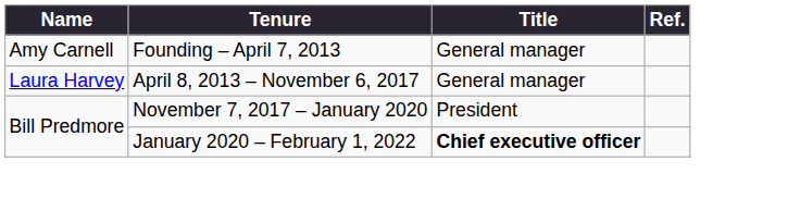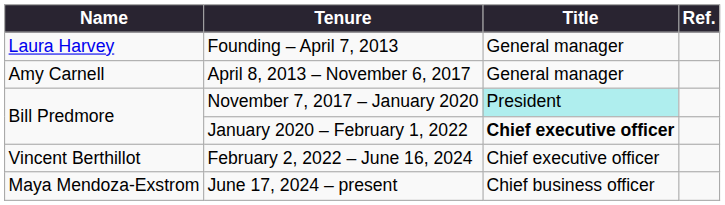 <table class="wikitable" style="text-align:left;">
 <tr>
 <th style="background:#292431; color:#FFFFFF; ">Name</th>
 <th style="background:#292431; color:#FFFFFF; ">Tenure</th>
 <th style="background:#292431; color:#FFFFFF; ">Title</th>
 <th style="background:#292431; color:#FFFFFF; ">Ref.</th>
 </tr>
 <tr>
-<td>Amy Carnell</td>
+<td><a href='#'>Laura Harvey</a></td>
 <td>Founding – April 7, 2013</td>
 <td>General manager</td>
 <td></td>
 </tr>
 <tr>
-<td><a href='#'>Laura Harvey</a></td>
+<td>Amy Carnell</td>
 <td>April 8, 2013 – November 6, 2017</td>
 <td>General manager</td>
 <td></td>
 </tr>
 <tr>
 <td rowspan=2>Bill Predmore</td>
 <td>November 7, 2017 – January 2020</td>
-<td>President</td>
+<td style="background: paleturquoise;">President</td>
 <td></td>
 </tr>
 <tr>
 <td>January 2020 – February 1, 2022</td>
 <td><strong>Chief executive officer</strong></td>
 <td></td>
 </tr>
+<tr>
+<td>Vincent Berthillot</td>
+<td>February 2, 2022 – June 16, 2024</td>
+<td>Chief executive officer</td>
+<td></td>
+</tr>
+<tr>
+<td>Maya Mendoza-Exstrom</td>
+<td>June 17, 2024 – present</td>
+<td>Chief business officer</td>
+<td></td>
+</tr>
 </table>
